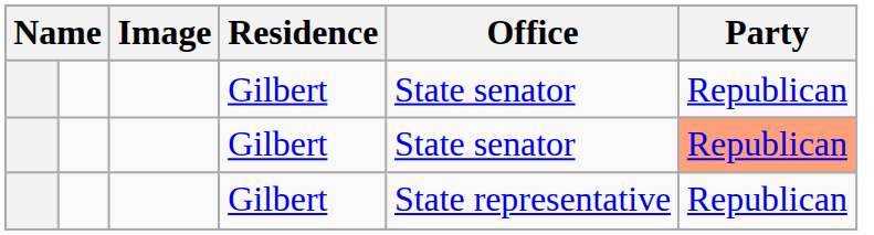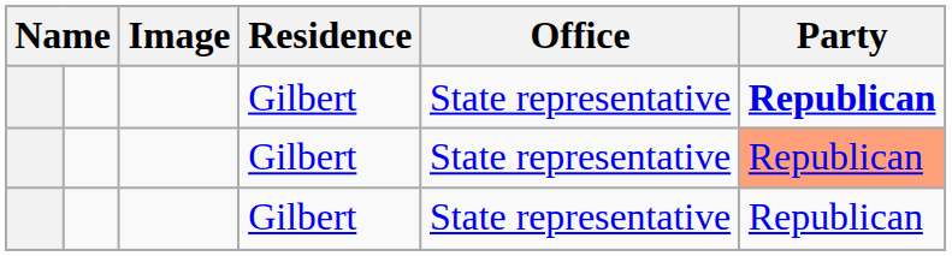 <table class="sortable wikitable">
 <tr valign=bottom>
 <th colspan="2">Name</th>
 <th>Image</th>
 <th>Residence</th>
 <th>Office</th>
 <th>Party</th>
 </tr>
 <tr>
 <th style="background-color:  "></th>
 <td></td>
 <td></td>
 <td><a href='#'>Gilbert</a></td>
-<td><a href='#'>State senator</a></td>
-<td><a href='#'>Republican</a></td>
+<td><a href='#'>State representative</a></td>
+<td><strong><a href='#'>Republican</a></strong></td>
 </tr>
 <tr>
 <th style="background-color:  "></th>
 <td></td>
 <td></td>
 <td><a href='#'>Gilbert</a></td>
-<td><a href='#'>State senator</a></td>
+<td><a href='#'>State representative</a></td>
 <td style="background: lightsalmon;"><a href='#'>Republican</a></td>
 </tr>
 <tr>
 <th style="background-color:  "></th>
 <td></td>
 <td></td>
 <td><a href='#'>Gilbert</a></td>
 <td><a href='#'>State representative</a></td>
 <td><a href='#'>Republican</a></td>
 </tr>
 <tr>
 </tr>
 </table>
